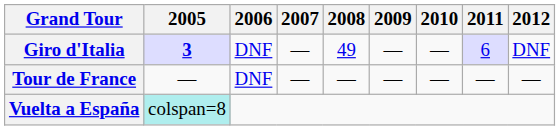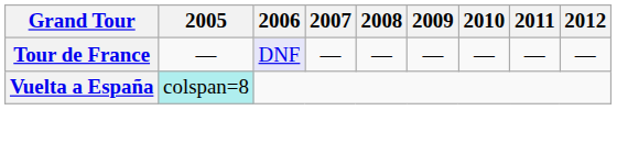 <table class="wikitable plainrowheaders">
 <tr>
 <th scope="col"><a href='#'>Grand Tour</a></th>
 <th scope="col">2005</th>
 <th scope="col">2006</th>
 <th scope="col">2007</th>
 <th scope="col">2008</th>
 <th scope="col">2009</th>
 <th scope="col">2010</th>
 <th scope="col">2011</th>
 <th scope="col">2012</th>
 </tr>
 <tr style="text-align:center;">
-<th scope="row"> <a href='#'>Giro d'Italia</a></th>
-<td style="background:#ddf;"><strong><a href='#'>3</a></strong></td>
-<td><a href='#'>DNF</a></td>
-<td>—</td>
-<td><a href='#'>49</a></td>
-<td>—</td>
-<td>—</td>
-<td style="background:#ddf;"><a href='#'>6</a></td>
-<td><a href='#'>DNF</a></td>
-</tr>
-<tr style="text-align:center;">
 <th scope="row"> <a href='#'>Tour de France</a></th>
 <td>—</td>
-<td><a href='#'>DNF</a></td>
+<td style="background: lavender;"><a href='#'>DNF</a></td>
 <td>—</td>
 <td>—</td>
 <td>—</td>
 <td>—</td>
 <td>—</td>
 <td>—</td>
 </tr>
 <tr style="text-align:center;">
 <th scope="row"> <a href='#'>Vuelta a España</a></th>
 <td style="background: paleturquoise;">colspan=8 </td>
 </tr>
 </table>
